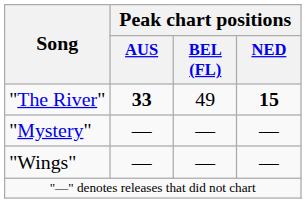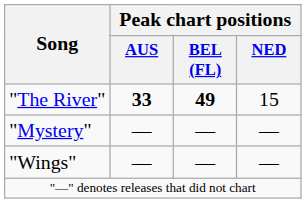 <table class="wikitable" style="text-align:center;">
 <tr>
 <th rowspan="2">Song</th>
 <th colspan="8">Peak chart positions</th>
 </tr>
 <tr style="font-size:smaller;">
 <th width="45" valign="top"><a href='#'>AUS</a></th>
 <th width="45" valign="top"><a href='#'>BEL (FL)</a></th>
 <th width="45" valign="top"><a href='#'>NED</a></th>
 </tr>
 <tr>
 <td align="left">"<a href='#'>The River</a>"</td>
 <td><strong>33</strong></td>
-<td>49</td>
-<td><strong>15</strong></td>
+<td><strong>49</strong></td>
+<td>15</td>
 </tr>
 <tr>
 <td align="left">"<a href='#'>Mystery</a>"</td>
 <td>—</td>
 <td>—</td>
 <td>—</td>
 </tr>
 <tr>
 <td align="left">"Wings"</td>
 <td>—</td>
 <td>—</td>
 <td>—</td>
 </tr>
 <tr>
 <td colspan="12" style="font-size:8pt">"—" denotes releases that did not chart</td>
 </tr>
 </table>
